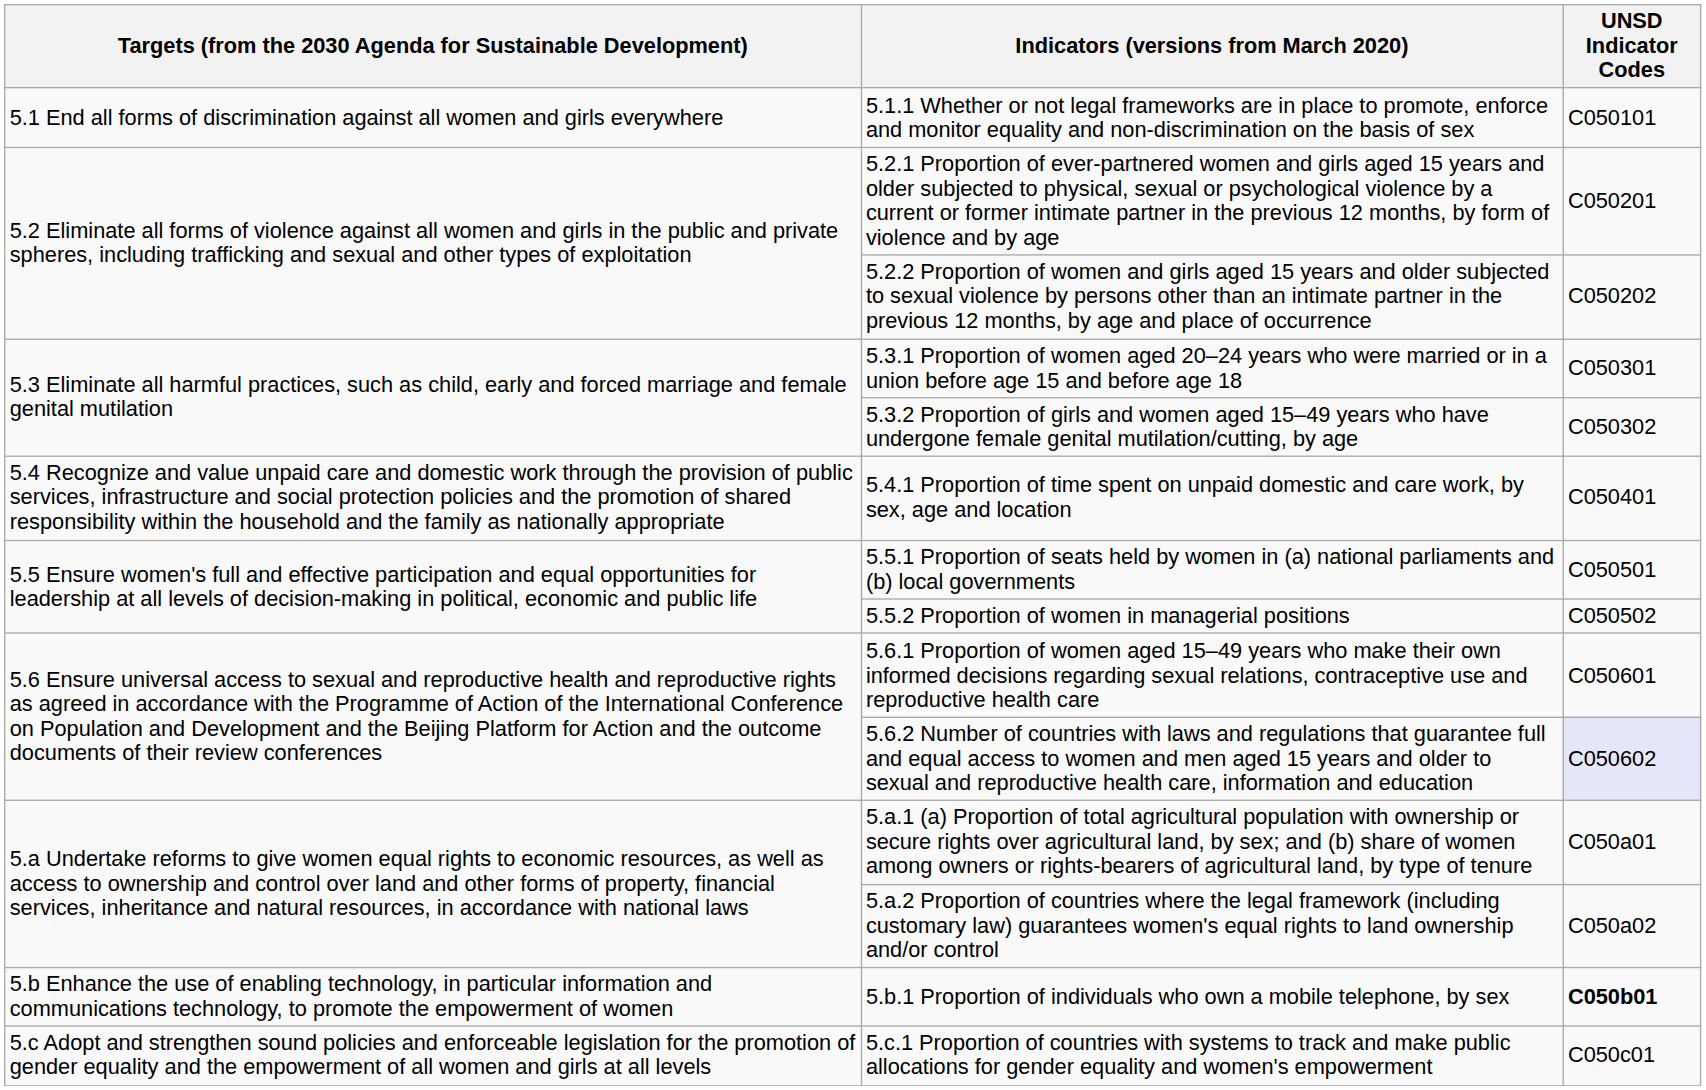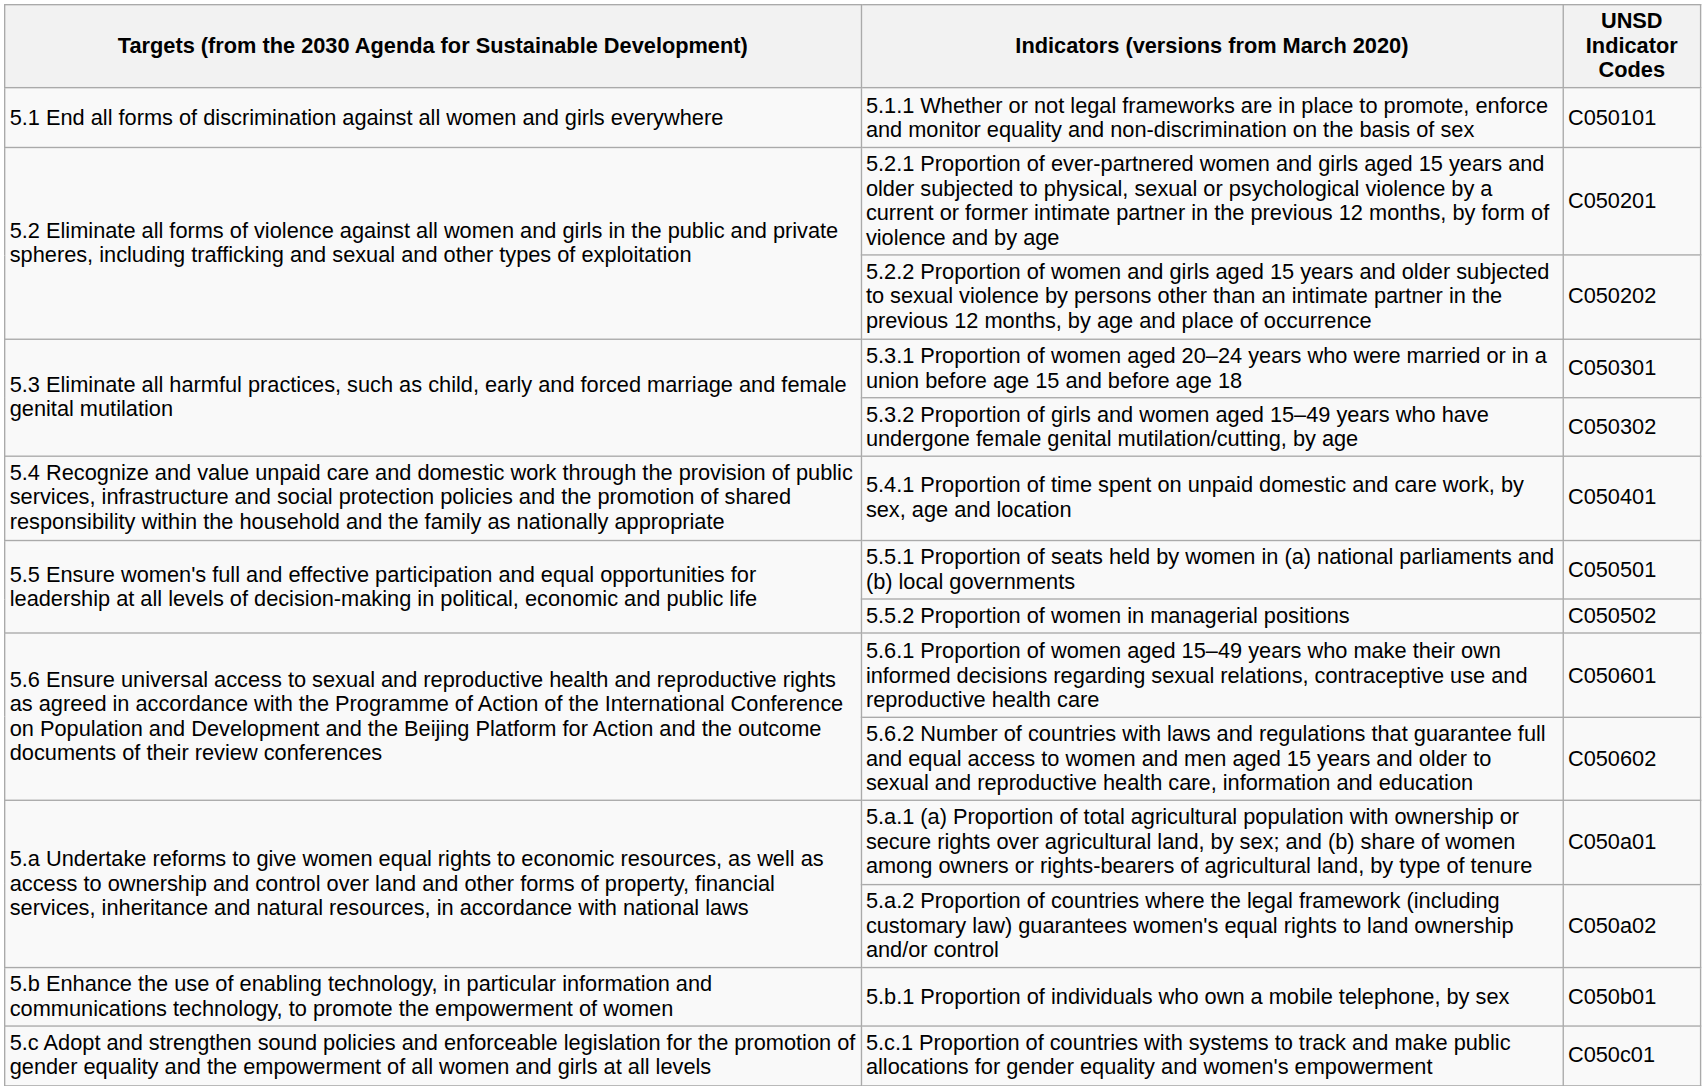 <table class="wikitable">
 <tr>
 <th>Targets (from the 2030 Agenda for Sustainable Development)</th>
 <th>Indicators (versions from March 2020)</th>
 <th>UNSD Indicator Codes </th>
 </tr>
 <tr>
 <td>5.1 End all forms of discrimination against all women and girls everywhere</td>
 <td>5.1.1 Whether or not legal frameworks are in place to promote, enforce and monitor equality and non‑discrimination on the basis of sex</td>
 <td>C050101</td>
 </tr>
 <tr>
 <td colspan="1" rowspan="2">5.2 Eliminate all forms of violence against all women and girls in the public and private spheres, including trafficking and sexual and other types of exploitation</td>
 <td>5.2.1 Proportion of ever-partnered women and girls aged 15 years and older subjected to physical, sexual or psychological violence by a current or former intimate partner in the previous 12 months, by form of violence and by age</td>
 <td>C050201</td>
 </tr>
 <tr>
 <td>5.2.2 Proportion of women and girls aged 15 years and older subjected to sexual violence by persons other than an intimate partner in the previous 12 months, by age and place of occurrence</td>
 <td>C050202</td>
 </tr>
 <tr>
 <td colspan="1" rowspan="2">5.3 Eliminate all harmful practices, such as child, early and forced marriage and female genital mutilation</td>
 <td>5.3.1 Proportion of women aged 20–24 years who were married or in a union before age 15 and before age 18</td>
 <td>C050301</td>
 </tr>
 <tr>
 <td>5.3.2 Proportion of girls and women aged 15–49 years who have undergone female genital mutilation/cutting, by age</td>
 <td>C050302</td>
 </tr>
 <tr>
 <td>5.4 Recognize and value unpaid care and domestic work through the provision of public services, infrastructure and social protection policies and the promotion of shared responsibility within the household and the family as nationally appropriate</td>
 <td>5.4.1 Proportion of time spent on unpaid domestic and care work, by sex, age and location</td>
 <td>C050401</td>
 </tr>
 <tr>
 <td colspan="1" rowspan="2">5.5 Ensure women's full and effective participation and equal opportunities for leadership at all levels of decision-making in political, economic and public life</td>
 <td>5.5.1 Proportion of seats held by women in (a) national parliaments and (b) local governments</td>
 <td>C050501</td>
 </tr>
 <tr>
 <td>5.5.2 Proportion of women in managerial positions</td>
 <td>C050502</td>
 </tr>
 <tr>
 <td colspan="1" rowspan="2">5.6 Ensure universal access to sexual and reproductive health and reproductive rights as agreed in accordance with the Programme of Action of the International Conference on Population and Development and the Beijing Platform for Action and the outcome documents of their review conferences</td>
 <td>5.6.1 Proportion of women aged 15–49 years who make their own informed decisions regarding sexual relations, contraceptive use and reproductive health care</td>
 <td>C050601</td>
 </tr>
 <tr>
 <td>5.6.2 Number of countries with laws and regulations that guarantee full and equal access to women and men aged 15 years and older to sexual and reproductive health care, information and education</td>
-<td style="background: lavender;">C050602</td>
+<td>C050602</td>
 </tr>
 <tr>
 <td colspan="1" rowspan="2">5.a Undertake reforms to give women equal rights to economic resources, as well as access to ownership and control over land and other forms of property, financial services, inheritance and natural resources, in accordance with national laws</td>
 <td>5.a.1 (a) Proportion of total agricultural population with ownership or secure rights over agricultural land, by sex; and (b) share of women among owners or rights-bearers of agricultural land, by type of tenure</td>
 <td>C050a01</td>
 </tr>
 <tr>
 <td>5.a.2 Proportion of countries where the legal framework (including customary law) guarantees women's equal rights to land ownership and/or control</td>
 <td>C050a02</td>
 </tr>
 <tr>
 <td>5.b Enhance the use of enabling technology, in particular information and communications technology, to promote the empowerment of women</td>
 <td>5.b.1 Proportion of individuals who own a mobile telephone, by sex</td>
-<td><strong>C050b01</strong></td>
+<td>C050b01</td>
 </tr>
 <tr>
 <td>5.c Adopt and strengthen sound policies and enforceable legislation for the promotion of gender equality and the empowerment of all women and girls at all levels</td>
 <td>5.c.1 Proportion of countries with systems to track and make public allocations for gender equality and women's empowerment</td>
 <td>C050c01</td>
 </tr>
 </table>
